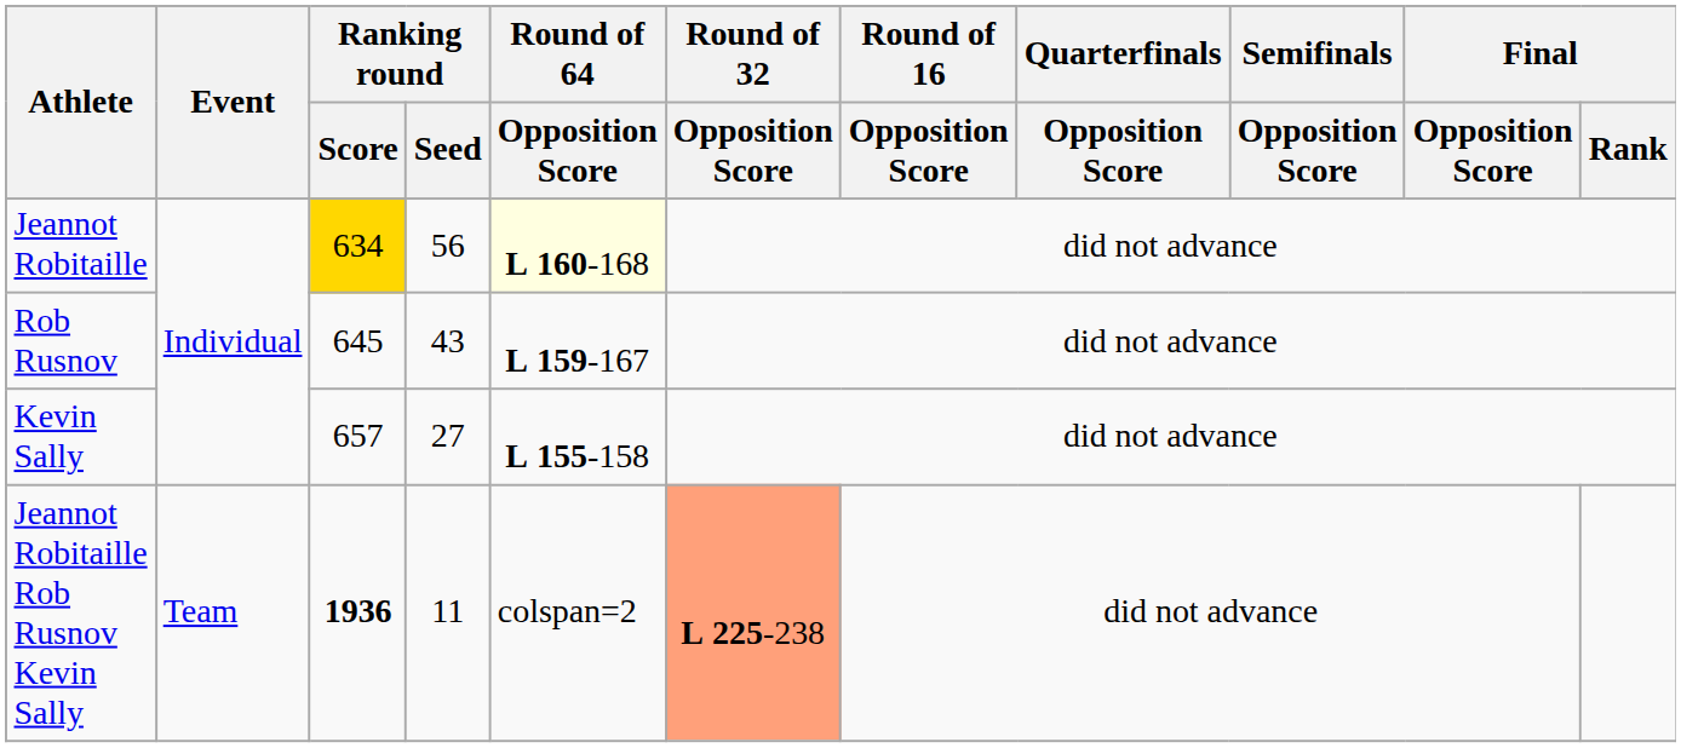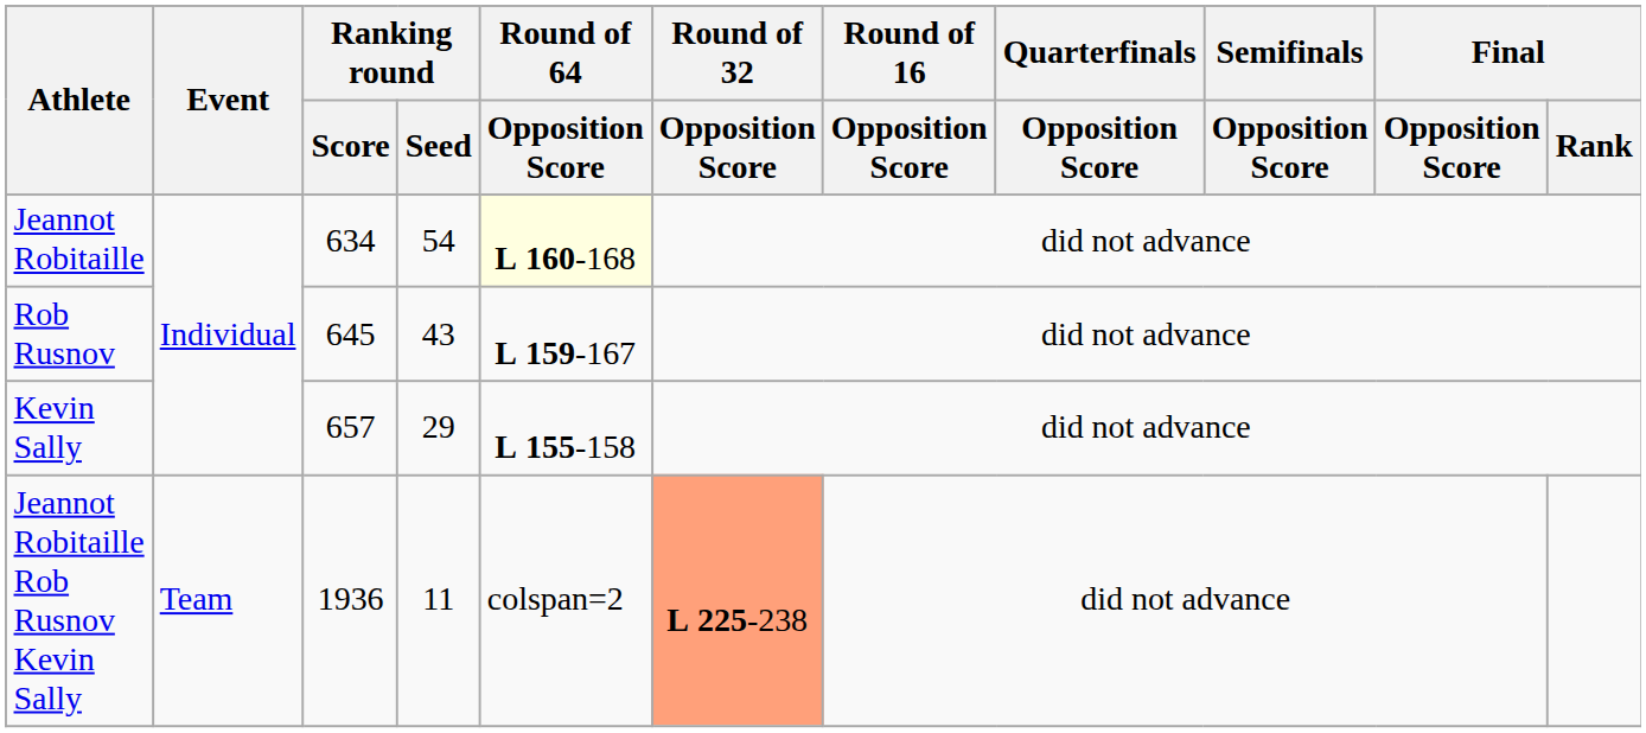 <table class="wikitable" style="font-size:90%">
 <tr>
 <th rowspan="2">Athlete</th>
 <th rowspan="2">Event</th>
 <th colspan="2">Ranking round</th>
 <th>Round of 64</th>
 <th>Round of 32</th>
 <th>Round of 16</th>
 <th>Quarterfinals</th>
 <th>Semifinals</th>
 <th colspan="2">Final</th>
 </tr>
 <tr>
 <th>Score</th>
 <th>Seed</th>
 <th>Opposition<br>Score</th>
 <th>Opposition<br>Score</th>
 <th>Opposition<br>Score</th>
 <th>Opposition<br>Score</th>
 <th>Opposition<br>Score</th>
 <th>Opposition<br>Score</th>
 <th>Rank</th>
 </tr>
 <tr>
 <td><a href='#'>Jeannot Robitaille</a></td>
 <td rowspan=3><a href='#'>Individual</a></td>
-<td align=center style="background: gold;">634</td>
-<td align=center>56</td>
+<td align=center>634</td>
+<td align=center>54</td>
 <td align=center style="background: lightyellow;"> <br> <strong>L</strong> <strong>160</strong>-168</td>
 <td align="center" colspan="6">did not advance</td>
 </tr>
 <tr>
 <td><a href='#'>Rob Rusnov</a></td>
 <td align=center>645</td>
 <td align=center>43</td>
 <td align=center> <br> <strong>L</strong> <strong>159</strong>-167</td>
 <td align="center" colspan="6">did not advance</td>
 </tr>
 <tr>
 <td><a href='#'>Kevin Sally</a></td>
 <td align=center>657</td>
-<td align=center>27</td>
+<td align=center>29</td>
 <td align=center> <br> <strong>L</strong> <strong>155</strong>-158</td>
 <td align="center" colspan="6">did not advance</td>
 </tr>
 <tr>
 <td><a href='#'>Jeannot Robitaille</a><br><a href='#'>Rob Rusnov</a><br><a href='#'>Kevin Sally</a></td>
 <td rowspan=3><a href='#'>Team</a></td>
-<td align=center><strong>1936</strong></td>
+<td align=center>1936</td>
 <td align=center>11</td>
 <td>colspan=2 </td>
 <td align=center style="background: lightsalmon;"> <br> <strong>L</strong> <strong>225</strong>-238</td>
 <td align="center" colspan="4">did not advance</td>
 </tr>
 </table>
